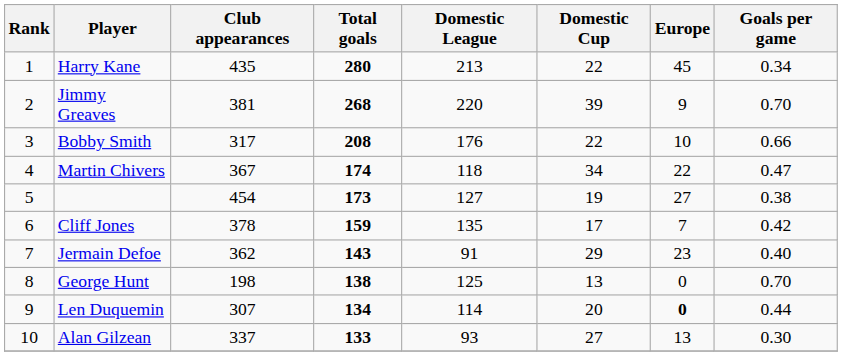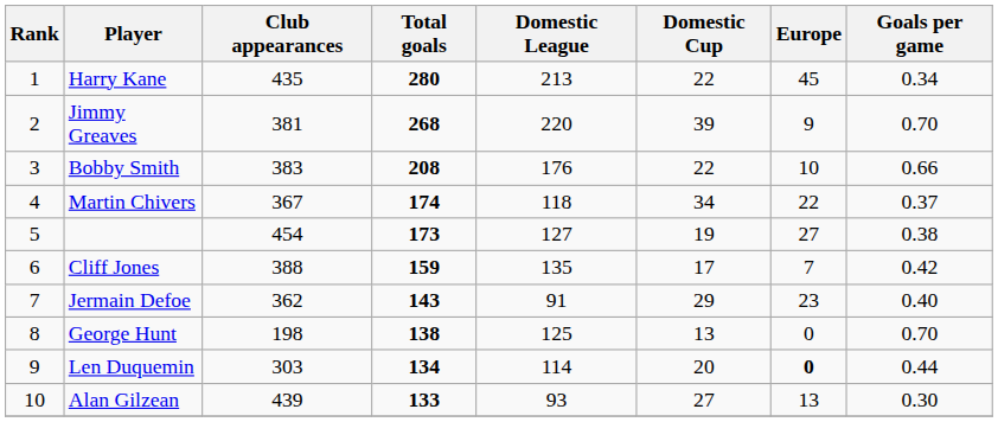 <table class="wikitable sortable" style="width:60%; align:center; text-align:center">
 <tr>
 <th>Rank</th>
 <th>Player</th>
 <th>Club appearances</th>
 <th>Total goals</th>
 <th>Domestic League</th>
 <th>Domestic Cup</th>
 <th>Europe</th>
 <th>Goals per game</th>
 </tr>
 <tr>
 <td>1</td>
 <td align="left"> <a href='#'>Harry Kane</a></td>
 <td>435</td>
 <td><strong>280</strong></td>
 <td>213</td>
 <td>22</td>
 <td>45</td>
 <td>0.34</td>
 </tr>
 <tr>
 <td>2</td>
 <td align="left"> <a href='#'>Jimmy Greaves</a></td>
 <td>381</td>
 <td><strong>268</strong></td>
 <td>220</td>
 <td>39</td>
 <td>9</td>
 <td>0.70</td>
 </tr>
 <tr>
 <td>3</td>
 <td align="left"> <a href='#'>Bobby Smith</a></td>
-<td>317</td>
+<td>383</td>
 <td><strong>208</strong></td>
 <td>176</td>
 <td>22</td>
 <td>10</td>
 <td>0.66</td>
 </tr>
 <tr>
 <td>4</td>
 <td align="left"> <a href='#'>Martin Chivers</a></td>
 <td>367</td>
 <td><strong>174</strong></td>
 <td>118</td>
 <td>34</td>
 <td>22</td>
-<td>0.47</td>
+<td>0.37</td>
 </tr>
 <tr>
 <td>5</td>
 <td align="left"></td>
 <td>454</td>
 <td><strong>173</strong></td>
 <td>127</td>
 <td>19</td>
 <td>27</td>
 <td>0.38</td>
 </tr>
 <tr>
 <td>6</td>
 <td align="left"> <a href='#'>Cliff Jones</a></td>
-<td>378</td>
+<td>388</td>
 <td><strong>159</strong></td>
 <td>135</td>
 <td>17</td>
 <td>7</td>
 <td>0.42</td>
 </tr>
 <tr>
 <td>7</td>
 <td align="left"> <a href='#'>Jermain Defoe</a></td>
 <td>362</td>
 <td><strong>143</strong></td>
 <td>91</td>
 <td>29</td>
 <td>23</td>
 <td>0.40</td>
 </tr>
 <tr>
 <td>8</td>
 <td align="left"> <a href='#'>George Hunt</a></td>
 <td>198</td>
 <td><strong>138</strong></td>
 <td>125</td>
 <td>13</td>
 <td>0</td>
 <td>0.70</td>
 </tr>
 <tr>
 <td>9</td>
 <td align="left"> <a href='#'>Len Duquemin</a></td>
-<td>307</td>
+<td>303</td>
 <td><strong>134</strong></td>
 <td>114</td>
 <td>20</td>
 <td><strong>0</strong></td>
 <td>0.44</td>
 </tr>
 <tr>
 <td>10</td>
 <td align="left"> <a href='#'>Alan Gilzean</a></td>
-<td>337</td>
+<td>439</td>
 <td><strong>133</strong></td>
 <td>93</td>
 <td>27</td>
 <td>13</td>
 <td>0.30</td>
 </tr>
 <tr>
 </tr>
 </table>
